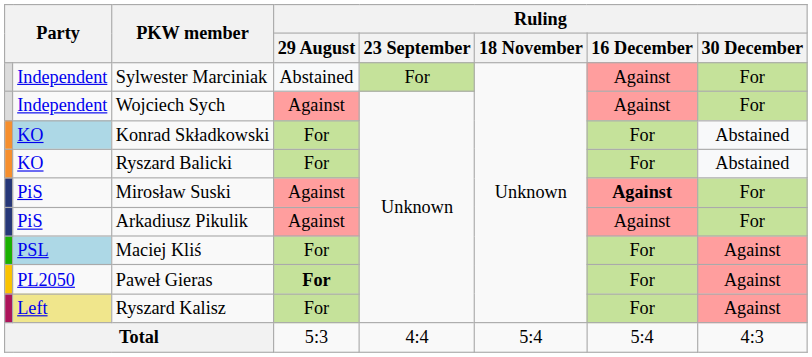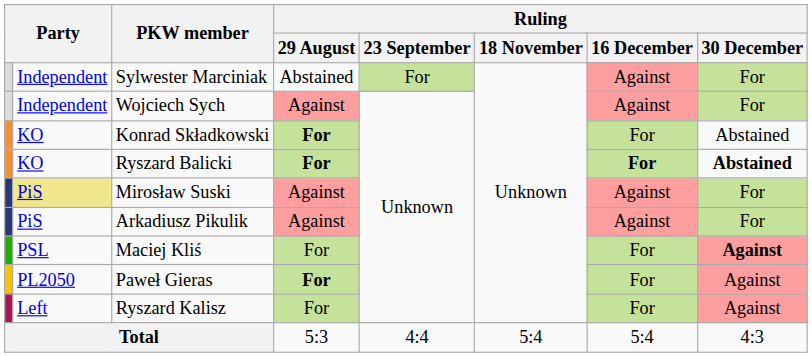 <table class="wikitable">
 <tr>
 <th colspan="2"; rowspan="2">Party</th>
 <th rowspan="2">PKW member</th>
 <th colspan="6">Ruling</th>
 </tr>
 <tr>
 <th>29 August</th>
 <th>23 September</th>
 <th>18 November</th>
 <th>16 December</th>
 <th>30 December</th>
 </tr>
 <tr>
 <td style="background-color:#DCDCDC;"></td>
 <td><a href='#'>Independent</a></td>
 <td>Sylwester Marciniak</td>
 <td style="text-align:center; background:#F8F9FA">Abstained</td>
 <td style="text-align:center; background:#C5E29A">For</td>
 <td style="text-align:center;" rowspan="9">Unknown</td>
 <td style="text-align:center; background:#FF9E9E">Against</td>
 <td style="text-align:center; background:#C5E29A">For</td>
 </tr>
 <tr>
 <td style="background-color:#DCDCDC;"></td>
 <td><a href='#'>Independent</a></td>
 <td>Wojciech Sych</td>
 <td style="text-align:center; background:#FF9E9E">Against</td>
 <td style="text-align:center;" rowspan="8">Unknown</td>
 <td style="text-align:center; background:#FF9E9E">Against</td>
 <td style="text-align:center; background:#C5E29A">For</td>
 </tr>
 <tr>
 <td style="background-color:#F68F2D;"></td>
-<td style="background: lightblue;"><a href='#'>KO</a></td>
+<td><a href='#'>KO</a></td>
 <td>Konrad Składkowski</td>
-<td style="text-align:center; background:#C5E29A">For</td>
+<td style="text-align:center; background:#C5E29A"><strong>For</strong></td>
 <td style="text-align:center; background:#C5E29A">For</td>
 <td style="text-align:center; background:#F8F9FA">Abstained</td>
 </tr>
 <tr>
 <td style="background-color:#F68F2D;"></td>
 <td><a href='#'>KO</a></td>
 <td>Ryszard Balicki</td>
-<td style="text-align:center; background:#C5E29A">For</td>
-<td style="text-align:center; background:#C5E29A">For</td>
-<td style="text-align:center; background:#F8F9FA">Abstained</td>
+<td style="text-align:center; background:#C5E29A"><strong>For</strong></td>
+<td style="text-align:center; background:#C5E29A"><strong>For</strong></td>
+<td style="text-align:center; background:#F8F9FA"><strong>Abstained</strong></td>
 </tr>
 <tr>
 <td style="background-color:#263778;"></td>
-<td><a href='#'>PiS</a></td>
+<td style="background: khaki;"><a href='#'>PiS</a></td>
 <td>Mirosław Suski</td>
 <td style="text-align:center; background:#FF9E9E">Against</td>
-<td style="text-align:center; background:#FF9E9E"><strong>Against</strong></td>
+<td style="text-align:center; background:#FF9E9E">Against</td>
 <td style="text-align:center; background:#C5E29A">For</td>
 </tr>
 <tr>
 <td style="background-color:#263778;"></td>
 <td><a href='#'>PiS</a></td>
 <td>Arkadiusz Pikulik</td>
 <td style="text-align:center; background:#FF9E9E">Against</td>
 <td style="text-align:center; background:#FF9E9E">Against</td>
 <td style="text-align:center; background:#C5E29A">For</td>
 </tr>
 <tr>
 <td style="background-color:#1BB100;"></td>
-<td style="background: lightblue;"><a href='#'>PSL</a></td>
+<td><a href='#'>PSL</a></td>
 <td>Maciej Kliś</td>
 <td style="text-align:center; background:#C5E29A">For</td>
 <td style="text-align:center; background:#C5E29A">For</td>
-<td style="text-align:center; background:#FF9E9E">Against</td>
+<td style="text-align:center; background:#FF9E9E"><strong>Against</strong></td>
 </tr>
 <tr>
 <td style="background-color:#FAC300;"></td>
 <td><a href='#'>PL2050</a></td>
 <td>Paweł Gieras</td>
 <td style="text-align:center; background:#C5E29A"><strong>For</strong></td>
 <td style="text-align:center; background:#C5E29A">For</td>
 <td style="text-align:center; background:#FF9E9E">Against</td>
 </tr>
 <tr>
 <td style="background-color:#AC145A;"></td>
-<td style="background: khaki;"><a href='#'>Left</a></td>
+<td><a href='#'>Left</a></td>
 <td>Ryszard Kalisz</td>
 <td style="text-align:center; background:#C5E29A">For</td>
 <td style="text-align:center; background:#C5E29A">For</td>
 <td style="text-align:center; background:#FF9E9E">Against</td>
 </tr>
 <tr>
 <th colspan="3">Total</th>
 <td style="text-align:center;">5:3</td>
 <td style="text-align:center;">4:4</td>
 <td style="text-align:center;">5:4</td>
 <td style="text-align:center;">5:4</td>
 <td style="text-align:center;">4:3</td>
 </tr>
 </table>
